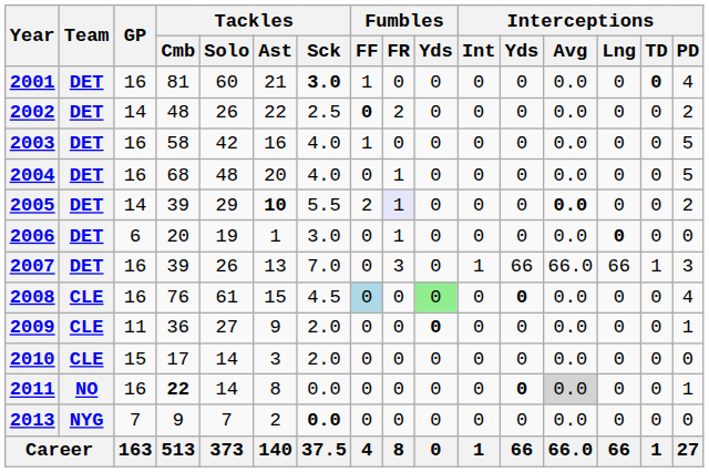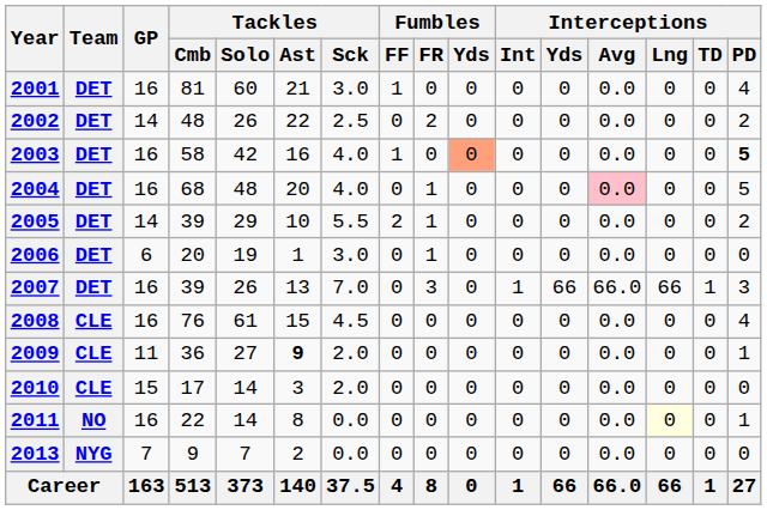 <table class="wikitable" style="text-align: center;">
 <tr>
 <th rowspan="2">Year</th>
 <th rowspan="2">Team</th>
 <th rowspan="2">GP</th>
 <th colspan="4">Tackles</th>
 <th colspan="3">Fumbles</th>
 <th colspan="6">Interceptions</th>
 </tr>
 <tr>
 <th>Cmb</th>
 <th>Solo</th>
 <th>Ast</th>
 <th>Sck</th>
 <th>FF</th>
 <th>FR</th>
 <th>Yds</th>
 <th>Int</th>
 <th>Yds</th>
 <th>Avg</th>
 <th>Lng</th>
 <th>TD</th>
 <th>PD</th>
 </tr>
 <tr>
 <th><a href='#'>2001</a></th>
 <th><a href='#'>DET</a></th>
 <td>16</td>
 <td>81</td>
 <td>60</td>
 <td>21</td>
-<td><strong>3.0</strong></td>
+<td>3.0</td>
 <td>1</td>
 <td>0</td>
 <td>0</td>
 <td>0</td>
 <td>0</td>
 <td>0.0</td>
 <td>0</td>
-<td><strong>0</strong></td>
+<td>0</td>
 <td>4</td>
 </tr>
 <tr>
 <th><a href='#'>2002</a></th>
 <th><a href='#'>DET</a></th>
 <td>14</td>
 <td>48</td>
 <td>26</td>
 <td>22</td>
 <td>2.5</td>
-<td><strong>0</strong></td>
+<td>0</td>
 <td>2</td>
 <td>0</td>
 <td>0</td>
 <td>0</td>
 <td>0.0</td>
 <td>0</td>
 <td>0</td>
 <td>2</td>
 </tr>
 <tr>
 <th><a href='#'>2003</a></th>
 <th><a href='#'>DET</a></th>
 <td>16</td>
 <td>58</td>
 <td>42</td>
 <td>16</td>
 <td>4.0</td>
 <td>1</td>
 <td>0</td>
-<td>0</td>
+<td style="background: lightsalmon;">0</td>
 <td>0</td>
 <td>0</td>
 <td>0.0</td>
 <td>0</td>
 <td>0</td>
-<td>5</td>
+<td><strong>5</strong></td>
 </tr>
 <tr>
 <th><a href='#'>2004</a></th>
 <th><a href='#'>DET</a></th>
 <td>16</td>
 <td>68</td>
 <td>48</td>
 <td>20</td>
 <td>4.0</td>
 <td>0</td>
 <td>1</td>
 <td>0</td>
 <td>0</td>
 <td>0</td>
-<td>0.0</td>
+<td style="background: pink;">0.0</td>
 <td>0</td>
 <td>0</td>
 <td>5</td>
 </tr>
 <tr>
 <th><a href='#'>2005</a></th>
 <th><a href='#'>DET</a></th>
 <td>14</td>
 <td>39</td>
 <td>29</td>
-<td><strong>10</strong></td>
+<td>10</td>
 <td>5.5</td>
 <td>2</td>
-<td style="background: lavender;">1</td>
+<td>1</td>
 <td>0</td>
 <td>0</td>
 <td>0</td>
-<td><strong>0.0</strong></td>
+<td>0.0</td>
 <td>0</td>
 <td>0</td>
 <td>2</td>
 </tr>
 <tr>
 <th><a href='#'>2006</a></th>
 <th><a href='#'>DET</a></th>
 <td>6</td>
 <td>20</td>
 <td>19</td>
 <td>1</td>
 <td>3.0</td>
 <td>0</td>
 <td>1</td>
 <td>0</td>
 <td>0</td>
 <td>0</td>
 <td>0.0</td>
-<td><strong>0</strong></td>
+<td>0</td>
 <td>0</td>
 <td>0</td>
 </tr>
 <tr>
 <th><a href='#'>2007</a></th>
 <th><a href='#'>DET</a></th>
 <td>16</td>
 <td>39</td>
 <td>26</td>
 <td>13</td>
 <td>7.0</td>
 <td>0</td>
 <td>3</td>
 <td>0</td>
 <td>1</td>
 <td>66</td>
 <td>66.0</td>
 <td>66</td>
 <td>1</td>
 <td>3</td>
 </tr>
 <tr>
 <th><a href='#'>2008</a></th>
 <th><a href='#'>CLE</a></th>
 <td>16</td>
 <td>76</td>
 <td>61</td>
 <td>15</td>
 <td>4.5</td>
-<td style="background: lightblue;">0</td>
 <td>0</td>
-<td style="background: lightgreen;">0</td>
 <td>0</td>
-<td><strong>0</strong></td>
+<td>0</td>
+<td>0</td>
+<td>0</td>
 <td>0.0</td>
 <td>0</td>
 <td>0</td>
 <td>4</td>
 </tr>
 <tr>
 <th><a href='#'>2009</a></th>
 <th><a href='#'>CLE</a></th>
 <td>11</td>
 <td>36</td>
 <td>27</td>
-<td>9</td>
+<td><strong>9</strong></td>
 <td>2.0</td>
 <td>0</td>
 <td>0</td>
-<td><strong>0</strong></td>
+<td>0</td>
 <td>0</td>
 <td>0</td>
 <td>0.0</td>
 <td>0</td>
 <td>0</td>
 <td>1</td>
 </tr>
 <tr>
 <th><a href='#'>2010</a></th>
 <th><a href='#'>CLE</a></th>
 <td>15</td>
 <td>17</td>
 <td>14</td>
 <td>3</td>
 <td>2.0</td>
 <td>0</td>
 <td>0</td>
 <td>0</td>
 <td>0</td>
 <td>0</td>
 <td>0.0</td>
 <td>0</td>
 <td>0</td>
 <td>0</td>
 </tr>
 <tr>
 <th><a href='#'>2011</a></th>
 <th><a href='#'>NO</a></th>
 <td>16</td>
-<td><strong>22</strong></td>
+<td>22</td>
 <td>14</td>
 <td>8</td>
 <td>0.0</td>
 <td>0</td>
 <td>0</td>
 <td>0</td>
 <td>0</td>
-<td><strong>0</strong></td>
-<td style="background: lightgrey;">0.0</td>
 <td>0</td>
+<td>0.0</td>
+<td style="background: lightyellow;">0</td>
 <td>0</td>
 <td>1</td>
 </tr>
 <tr>
 <th><a href='#'>2013</a></th>
 <th><a href='#'>NYG</a></th>
 <td>7</td>
 <td>9</td>
 <td>7</td>
 <td>2</td>
-<td><strong>0.0</strong></td>
+<td>0.0</td>
 <td>0</td>
 <td>0</td>
 <td>0</td>
 <td>0</td>
 <td>0</td>
 <td>0.0</td>
 <td>0</td>
 <td>0</td>
 <td>0</td>
 </tr>
 <tr>
 <th colspan="2">Career</th>
 <th>163</th>
 <th>513</th>
 <th>373</th>
 <th>140</th>
 <th>37.5</th>
 <th>4</th>
 <th>8</th>
 <th>0</th>
 <th>1</th>
 <th>66</th>
 <th>66.0</th>
 <th>66</th>
 <th>1</th>
 <th>27</th>
 </tr>
 </table>
